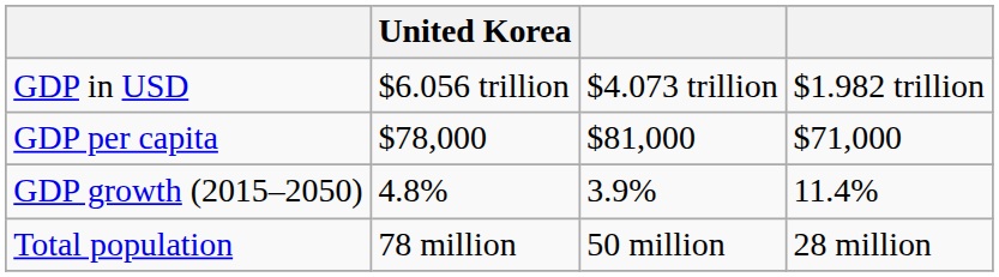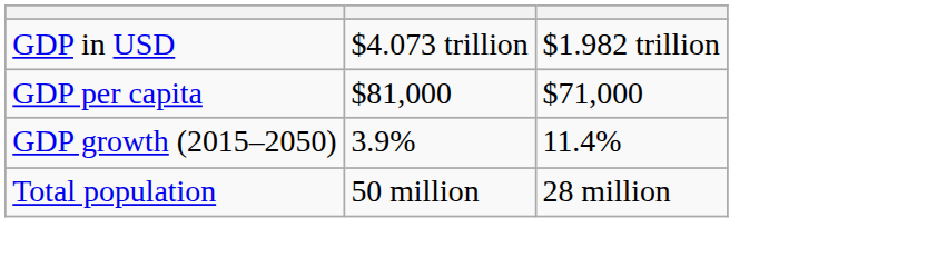 <table class="wikitable">
 <tr>
 <th></th>
-<th> United Korea</th>
 <th></th>
 <th></th>
 </tr>
 <tr>
 <td><a href='#'>GDP</a> in <a href='#'>USD</a></td>
-<td>$6.056 trillion</td>
 <td>$4.073 trillion</td>
 <td>$1.982 trillion</td>
 </tr>
 <tr>
 <td><a href='#'>GDP per capita</a></td>
-<td>$78,000</td>
 <td>$81,000</td>
 <td>$71,000</td>
 </tr>
 <tr>
 <td><a href='#'>GDP growth</a> (2015–2050)</td>
-<td>4.8%</td>
 <td>3.9%</td>
 <td>11.4%</td>
 </tr>
 <tr>
 <td><a href='#'>Total population</a></td>
-<td>78 million</td>
 <td>50 million</td>
 <td>28 million</td>
 </tr>
 </table>
